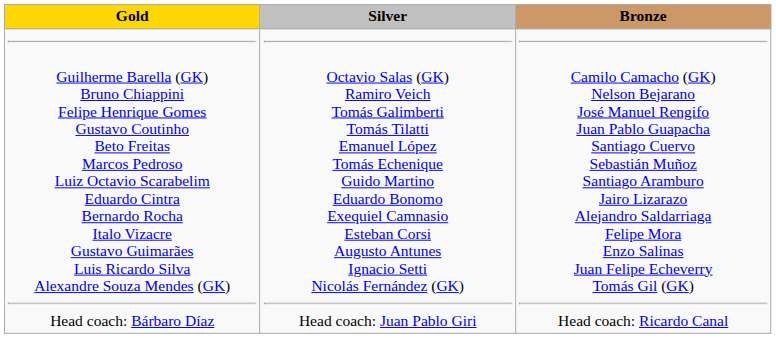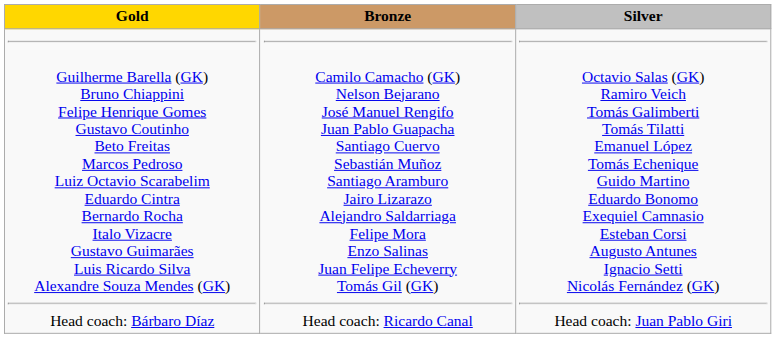 <table class="wikitable" style="text-align:center;">
 <tr>
 <td style="width: 16em;background: gold"><strong>Gold</strong></td>
+<td style="width: 16em;background: #CC9966"><strong>Bronze</strong></td>
 <td style="width: 16em;background: silver"><strong>Silver</strong></td>
-<td style="width: 16em;background: #CC9966"><strong>Bronze</strong></td>
 </tr>
 <tr>
 <td align=top><strong></strong><hr><br><a href='#'>Guilherme Barella</a> (<a href='#'>GK</a>)<br><a href='#'>Bruno Chiappini</a><br><a href='#'>Felipe Henrique Gomes</a><br><a href='#'>Gustavo Coutinho</a><br><a href='#'>Beto Freitas</a><br><a href='#'>Marcos Pedroso</a><br><a href='#'>Luiz Octavio Scarabelim</a><br><a href='#'>Eduardo Cintra</a><br><a href='#'>Bernardo Rocha</a><br><a href='#'>Italo Vizacre</a><br><a href='#'>Gustavo Guimarães</a><br><a href='#'>Luis Ricardo Silva</a><br><a href='#'>Alexandre Souza Mendes</a> (<a href='#'>GK</a>)<br><hr>Head coach: <a href='#'>Bárbaro Díaz</a></td>
+<td align=top><strong></strong><hr><br><a href='#'>Camilo Camacho</a> (<a href='#'>GK</a>)<br><a href='#'>Nelson Bejarano</a><br><a href='#'>José Manuel Rengifo</a><br><a href='#'>Juan Pablo Guapacha</a><br><a href='#'>Santiago Cuervo</a><br><a href='#'>Sebastián Muñoz</a><br><a href='#'>Santiago Aramburo</a><br><a href='#'>Jairo Lizarazo</a><br><a href='#'>Alejandro Saldarriaga</a><br><a href='#'>Felipe Mora</a><br><a href='#'>Enzo Salinas</a><br><a href='#'>Juan Felipe Echeverry</a><br><a href='#'>Tomás Gil</a> (<a href='#'>GK</a>)<br><hr>Head coach: <a href='#'>Ricardo Canal</a></td>
 <td align=top><strong></strong><hr><br><a href='#'>Octavio Salas</a> (<a href='#'>GK</a>)<br><a href='#'>Ramiro Veich</a><br><a href='#'>Tomás Galimberti</a><br><a href='#'>Tomás Tilatti</a><br><a href='#'>Emanuel López</a><br><a href='#'>Tomás Echenique</a><br><a href='#'>Guido Martino</a><br><a href='#'>Eduardo Bonomo</a><br><a href='#'>Exequiel Camnasio</a><br><a href='#'>Esteban Corsi</a><br><a href='#'>Augusto Antunes</a><br><a href='#'>Ignacio Setti</a><br><a href='#'>Nicolás Fernández</a> (<a href='#'>GK</a>)<br><hr>Head coach: <a href='#'>Juan Pablo Giri</a></td>
-<td align=top><strong></strong><hr><br><a href='#'>Camilo Camacho</a> (<a href='#'>GK</a>)<br><a href='#'>Nelson Bejarano</a><br><a href='#'>José Manuel Rengifo</a><br><a href='#'>Juan Pablo Guapacha</a><br><a href='#'>Santiago Cuervo</a><br><a href='#'>Sebastián Muñoz</a><br><a href='#'>Santiago Aramburo</a><br><a href='#'>Jairo Lizarazo</a><br><a href='#'>Alejandro Saldarriaga</a><br><a href='#'>Felipe Mora</a><br><a href='#'>Enzo Salinas</a><br><a href='#'>Juan Felipe Echeverry</a><br><a href='#'>Tomás Gil</a> (<a href='#'>GK</a>)<br><hr>Head coach: <a href='#'>Ricardo Canal</a></td>
 </tr>
 </table>
